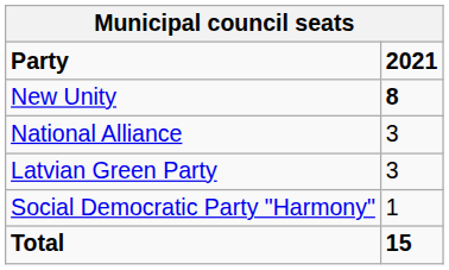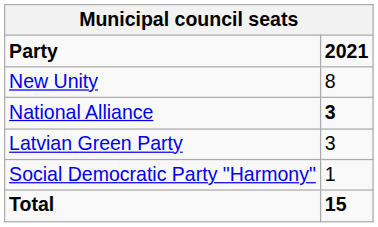 <table class="wikitable">
 <tr>
 <th colspan="16"><strong>Municipal council seats</strong></th>
 </tr>
 <tr>
 <td><strong>Party</strong></td>
 <td><strong>2021</strong></td>
 </tr>
 <tr>
 <td><a href='#'>New Unity</a></td>
-<td><strong>8</strong></td>
+<td>8</td>
 </tr>
 <tr>
 <td><a href='#'>National Alliance</a></td>
-<td>3</td>
+<td><strong>3</strong></td>
 </tr>
 <tr>
 <td><a href='#'>Latvian Green Party</a></td>
 <td>3</td>
 </tr>
 <tr>
 <td><a href='#'>Social Democratic Party "Harmony"</a></td>
 <td>1</td>
 </tr>
 <tr>
 <td><strong>Total</strong></td>
 <td><strong>15</strong></td>
 </tr>
 </table>
